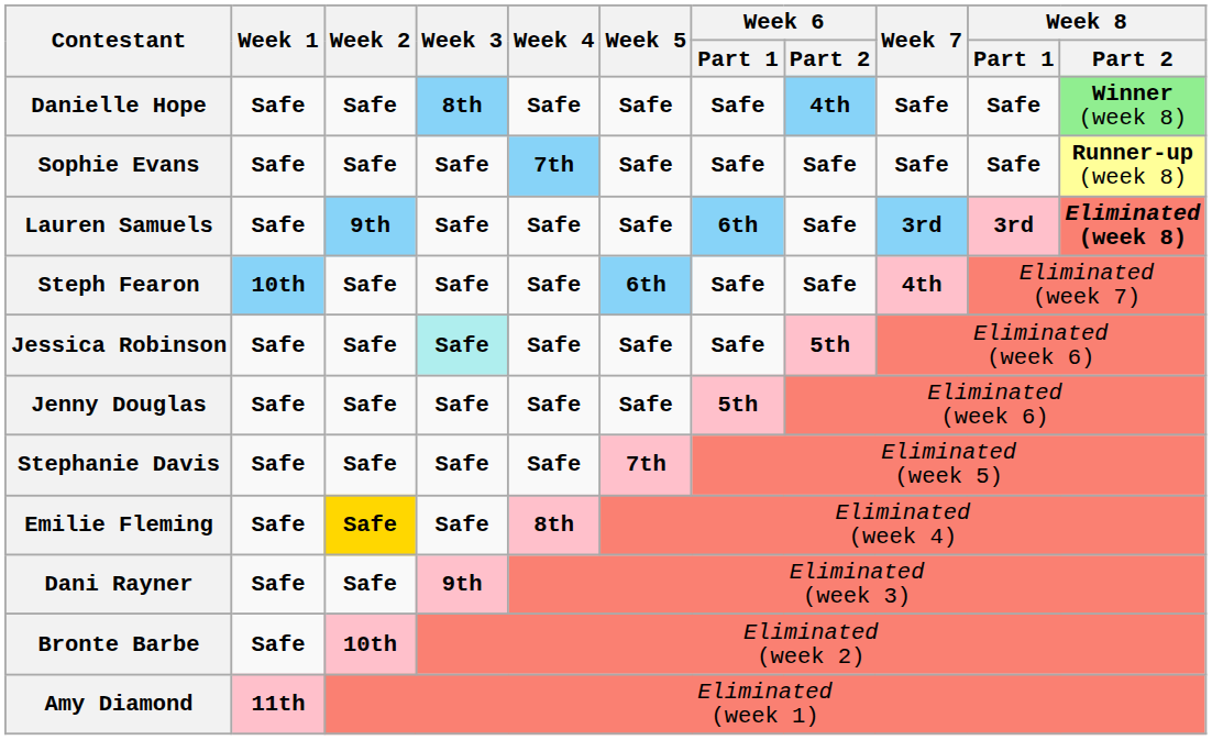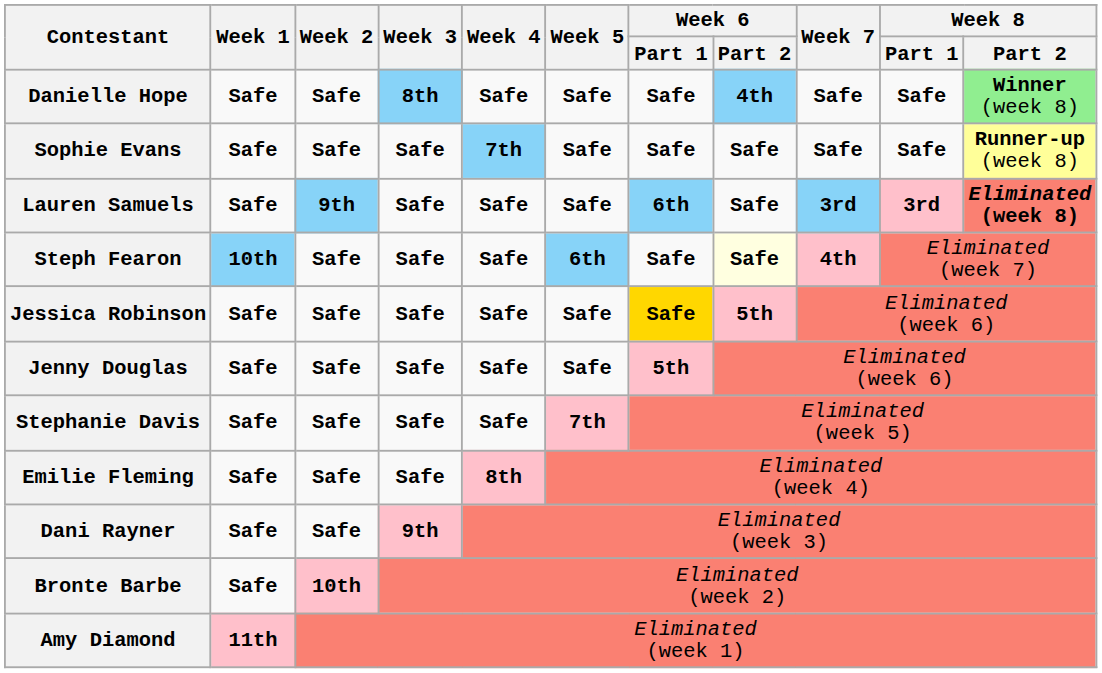 <table class="wikitable" style="text-align:center; font-size:85%">
 <tr>
 <th rowspan="2">Contestant</th>
 <th rowspan="2">Week 1</th>
 <th rowspan="2">Week 2</th>
 <th rowspan="2">Week 3</th>
 <th rowspan="2">Week 4</th>
 <th rowspan="2">Week 5</th>
 <th colspan="2">Week 6</th>
 <th rowspan="2">Week 7</th>
 <th colspan="2">Week 8</th>
 </tr>
 <tr>
 <th>Part 1</th>
 <th>Part 2</th>
 <th>Part 1</th>
 <th>Part 2</th>
 </tr>
 <tr>
 <th>Danielle Hope</th>
 <td><strong>Safe</strong></td>
 <td><strong>Safe</strong></td>
 <td style = "background:#87D3F8"><strong>8th</strong></td>
 <td><strong>Safe</strong></td>
 <td><strong>Safe</strong></td>
 <td><strong>Safe</strong></td>
 <td style = "background:#87D3F8"><strong>4th</strong></td>
 <td><strong>Safe</strong></td>
 <td><strong>Safe</strong></td>
 <td style="background:lightgreen"><strong>Winner</strong><br>(week 8)</td>
 </tr>
 <tr>
 <th>Sophie Evans</th>
 <td><strong>Safe</strong></td>
 <td><strong>Safe</strong></td>
 <td><strong>Safe</strong></td>
 <td style = "background:#87D3F8"><strong>7th</strong></td>
 <td><strong>Safe</strong></td>
 <td><strong>Safe</strong></td>
 <td><strong>Safe</strong></td>
 <td><strong>Safe</strong></td>
 <td><strong>Safe</strong></td>
 <td style="background:#ff9;"><strong>Runner-up</strong><br>(week 8)</td>
 </tr>
 <tr>
 <th>Lauren Samuels</th>
 <td><strong>Safe</strong></td>
 <td style = "background:#87D3F8"><strong>9th</strong></td>
 <td><strong>Safe</strong></td>
 <td><strong>Safe</strong></td>
 <td><strong>Safe</strong></td>
 <td style = "background:#87D3F8"><strong>6th</strong></td>
 <td><strong>Safe</strong></td>
 <td style = "background:#87D3F8"><strong>3rd</strong></td>
 <td style = "background:pink"><strong>3rd</strong></td>
 <td style="background:salmon;"><strong><em>Eliminated</em><br>(week 8)</strong></td>
 </tr>
 <tr>
 <th>Steph Fearon</th>
 <td style = "background:#87D3F8"><strong>10th</strong></td>
 <td><strong>Safe</strong></td>
 <td><strong>Safe</strong></td>
 <td><strong>Safe</strong></td>
 <td style = "background:#87D3F8"><strong>6th</strong></td>
 <td><strong>Safe</strong></td>
-<td><strong>Safe</strong></td>
+<td style="background: lightyellow;"><strong>Safe</strong></td>
 <td style = "background:pink"><strong>4th</strong></td>
 <td style="background:salmon;" colspan="2"><em>Eliminated</em><br>(week 7)</td>
 </tr>
 <tr>
 <th>Jessica Robinson</th>
 <td><strong>Safe</strong></td>
 <td><strong>Safe</strong></td>
-<td style="background: paleturquoise;"><strong>Safe</strong></td>
 <td><strong>Safe</strong></td>
 <td><strong>Safe</strong></td>
 <td><strong>Safe</strong></td>
+<td style="background: gold;"><strong>Safe</strong></td>
 <td style = "background:pink"><strong>5th</strong></td>
 <td style="background:salmon;" colspan="4"><em>Eliminated</em><br>(week 6)</td>
 </tr>
 <tr>
 <th>Jenny Douglas</th>
 <td><strong>Safe</strong></td>
 <td><strong>Safe</strong></td>
 <td><strong>Safe</strong></td>
 <td><strong>Safe</strong></td>
 <td><strong>Safe</strong></td>
 <td style = "background:pink"><strong>5th</strong></td>
 <td style="background:salmon;" colspan="5"><em>Eliminated</em><br>(week 6)</td>
 </tr>
 <tr>
 <th>Stephanie Davis</th>
 <td><strong>Safe</strong></td>
 <td><strong>Safe</strong></td>
 <td><strong>Safe</strong></td>
 <td><strong>Safe</strong></td>
 <td style = "background:pink"><strong>7th</strong></td>
 <td style="background:salmon;" colspan="6"><em>Eliminated</em><br>(week 5)</td>
 </tr>
 <tr>
 <th>Emilie Fleming</th>
 <td><strong>Safe</strong></td>
-<td style="background: gold;"><strong>Safe</strong></td>
+<td><strong>Safe</strong></td>
 <td><strong>Safe</strong></td>
 <td style = "background:pink"><strong>8th</strong></td>
 <td style="background:salmon;" colspan="7"><em>Eliminated</em><br>(week 4)</td>
 </tr>
 <tr>
 <th>Dani Rayner</th>
 <td><strong>Safe</strong></td>
 <td><strong>Safe</strong></td>
 <td style = "background:pink"><strong>9th</strong></td>
 <td style="background:salmon;" colspan="8"><em>Eliminated</em><br>(week 3)</td>
 </tr>
 <tr>
 <th>Bronte Barbe</th>
 <td><strong>Safe</strong></td>
 <td style = "background:pink"><strong>10th</strong></td>
 <td style="background:salmon;" colspan="8"><em>Eliminated</em><br>(week 2)</td>
 </tr>
 <tr>
 <th>Amy Diamond</th>
 <td style = "background:pink"><strong>11th</strong></td>
 <td style="background:salmon;" colspan="9"><em>Eliminated</em><br>(week 1)</td>
 </tr>
 </table>
